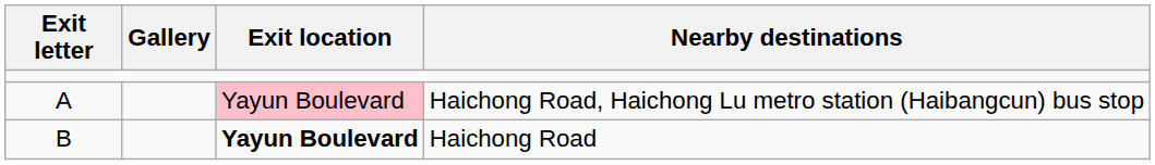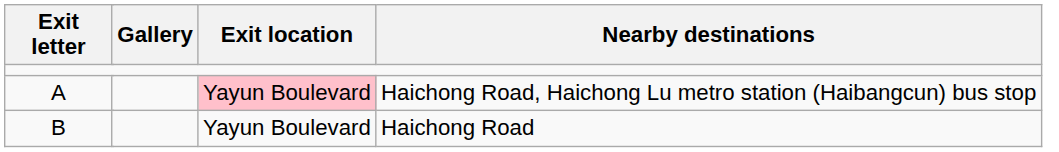 <table class="wikitable">
 <tr>
 <th style="width:70px" colspan="2">Exit letter</th>
 <th>Gallery</th>
 <th>Exit location</th>
 <th>Nearby destinations</th>
 </tr>
 <tr style="background:#">
 <td colspan = "6"></td>
 </tr>
 <tr>
 <td align="center" colspan="2">A</td>
 <td></td>
 <td style="background: pink;">Yayun Boulevard</td>
 <td>Haichong Road, Haichong Lu metro station (Haibangcun) bus stop</td>
 </tr>
 <tr>
 <td align="center" colspan="2">B</td>
 <td></td>
-<td><strong>Yayun Boulevard</strong></td>
+<td>Yayun Boulevard</td>
 <td>Haichong Road</td>
 </tr>
 </table>
